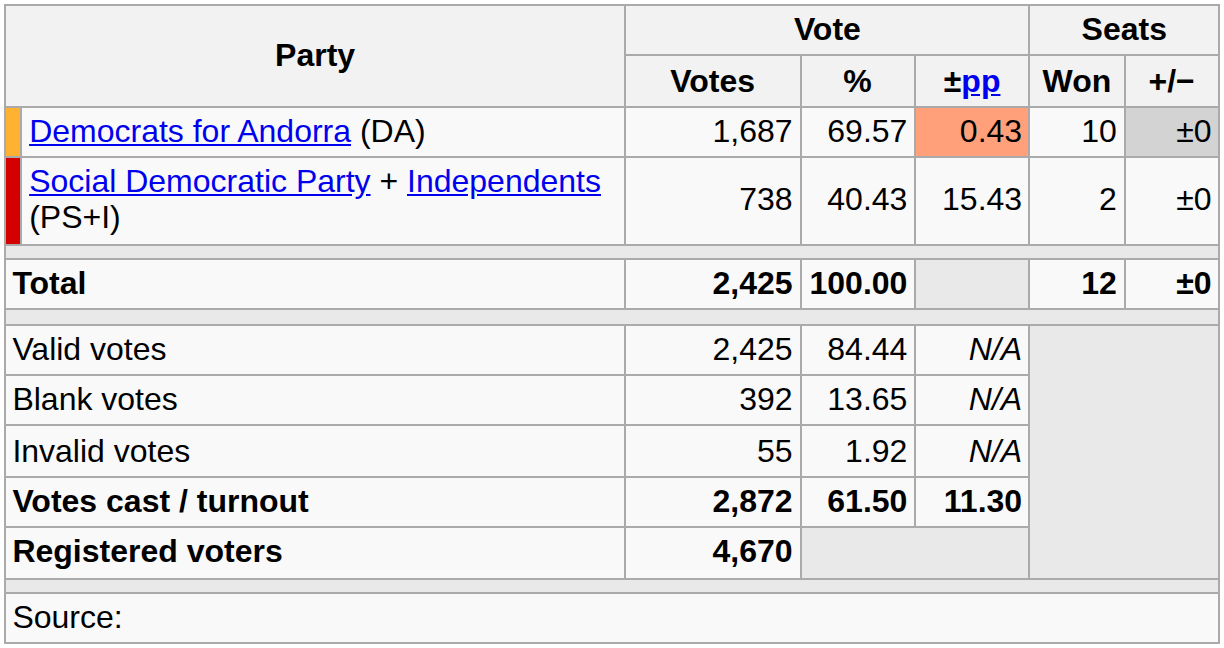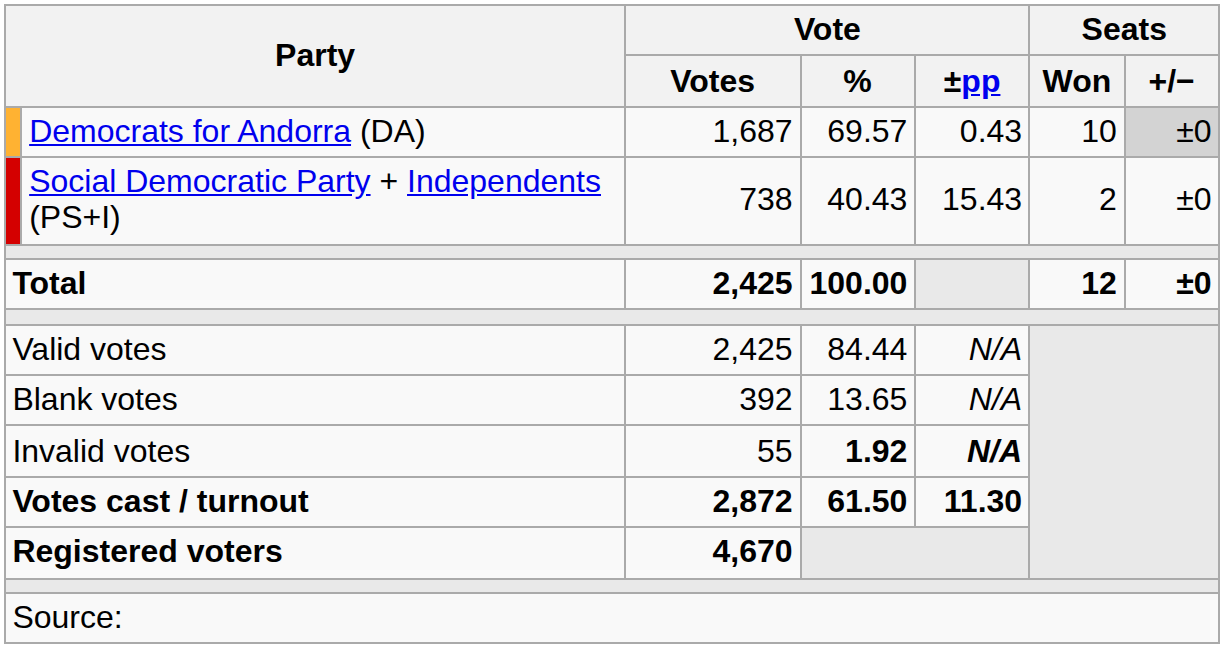 <table class="wikitable" style="text-align:right; font-size:100%; margin-bottom:0">
 <tr>
 <th align="left" rowspan="2" colspan="2" width="500">Party</th>
 <th colspan="3">Vote</th>
 <th colspan="2">Seats</th>
 </tr>
 <tr>
 <th width="80">Votes</th>
 <th width="50">%</th>
 <th width="50">±<a href='#'>pp</a></th>
 <th width="40">Won</th>
 <th width="40">+/−</th>
 </tr>
 <tr>
 <td width="1" style="color:inherit;background:#FFB232"></td>
 <td align="left"><a href='#'>Democrats for Andorra</a> (DA)</td>
 <td>1,687</td>
 <td>69.57</td>
-<td style="background: lightsalmon;">0.43</td>
+<td>0.43</td>
 <td>10</td>
 <td style="background: lightgrey;">±0</td>
 </tr>
 <tr>
 <td width="1" style="color:inherit;background:#D40000"></td>
 <td align="left"><a href='#'>Social Democratic Party</a> + <a href='#'>Independents</a> (PS+I)</td>
 <td>738</td>
 <td>40.43</td>
 <td>15.43</td>
 <td>2</td>
 <td>±0</td>
 </tr>
 <tr>
 <td colspan="7" bgcolor="#E9E9E9"></td>
 </tr>
 <tr style="font-weight:bold;">
 <td align="left" colspan="2">Total</td>
 <td>2,425</td>
 <td>100.00</td>
 <td bgcolor="#E9E9E9"></td>
 <td>12</td>
 <td>±0</td>
 </tr>
 <tr>
 <td colspan="7" bgcolor="#E9E9E9"></td>
 </tr>
 <tr>
 <td align="left" colspan="2">Valid votes</td>
 <td>2,425</td>
 <td>84.44</td>
 <td><em>N/A</em></td>
 <td bgcolor="#E9E9E9" colspan="2" rowspan="5"></td>
 </tr>
 <tr>
 <td align="left" colspan="2">Blank votes</td>
 <td>392</td>
 <td>13.65</td>
 <td><em>N/A</em></td>
 </tr>
 <tr>
 <td align="left" colspan="2">Invalid votes</td>
 <td>55</td>
-<td>1.92</td>
-<td><em>N/A</em></td>
+<td><strong>1.92</strong></td>
+<td><strong><em>N/A</em></strong></td>
 </tr>
 <tr style="font-weight:bold;">
 <td align="left" colspan="2">Votes cast / turnout</td>
 <td>2,872</td>
 <td>61.50</td>
 <td>11.30</td>
 </tr>
 <tr style="font-weight:bold;">
 <td align="left" colspan="2">Registered voters</td>
 <td>4,670</td>
 <td bgcolor="#E9E9E9" colspan="2"></td>
 </tr>
 <tr>
 <td colspan="7" bgcolor="#E9E9E9"></td>
 </tr>
 <tr>
 </tr>
 <tr>
 <td align="left" colspan="7">Source: </td>
 </tr>
 </table>
